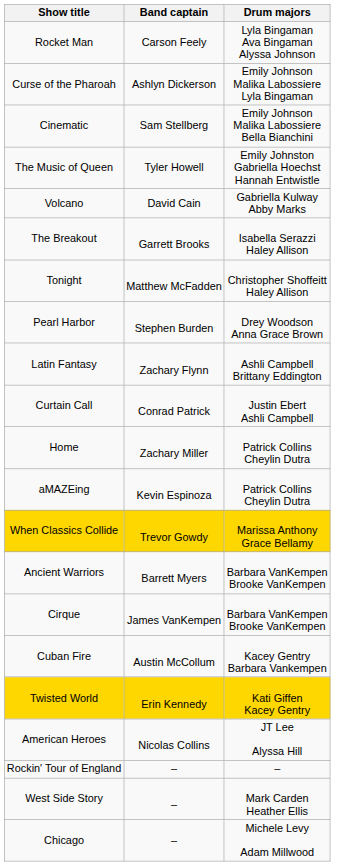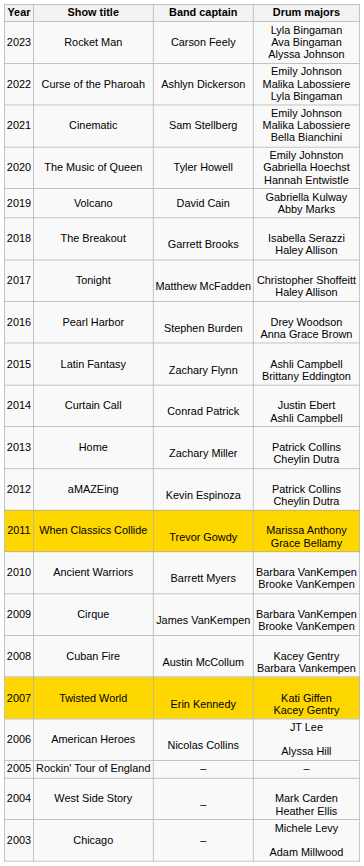 <table class="wikitable" style="text-align: center">
 <tr>
+<th><strong>Year</strong></th>
 <th><strong>Show title</strong></th>
 <th><strong>Band captain</strong></th>
 <th><strong>Drum majors</strong></th>
 </tr>
 <tr>
+<td>2023</td>
 <td>Rocket Man</td>
 <td>Carson Feely</td>
 <td>Lyla Bingaman<br>Ava Bingaman<br>Alyssa Johnson</td>
 </tr>
 <tr>
+<td>2022</td>
 <td>Curse of the Pharoah</td>
 <td>Ashlyn Dickerson</td>
 <td>Emily Johnson<br>Malika Labossiere<br>Lyla Bingaman</td>
 </tr>
 <tr>
+<td>2021</td>
 <td>Cinematic</td>
 <td>Sam Stellberg</td>
 <td>Emily Johnson<br>Malika Labossiere<br>Bella Bianchini</td>
 </tr>
 <tr>
+<td>2020</td>
 <td>The Music of Queen</td>
 <td>Tyler Howell</td>
 <td>Emily Johnston<br>Gabriella Hoechst<br>Hannah Entwistle</td>
 </tr>
 <tr>
+<td>2019</td>
 <td>Volcano</td>
 <td>David Cain</td>
 <td>Gabriella Kulway<br>Abby Marks</td>
 </tr>
 <tr>
+<td>2018</td>
 <td>The Breakout</td>
 <td><br>Garrett Brooks</td>
 <td><br>Isabella Serazzi<br> Haley Allison</td>
 </tr>
 <tr>
+<td>2017</td>
 <td>Tonight</td>
 <td><br>Matthew McFadden</td>
 <td><br>Christopher Shoffeitt<br> Haley Allison</td>
 </tr>
 <tr>
+<td>2016</td>
 <td>Pearl Harbor</td>
 <td><br>Stephen Burden</td>
 <td><br>Drey Woodson<br> Anna Grace Brown</td>
 </tr>
 <tr>
+<td>2015</td>
 <td>Latin Fantasy</td>
 <td><br>Zachary Flynn</td>
 <td><br>Ashli Campbell<br> Brittany Eddington</td>
 </tr>
 <tr>
+<td>2014</td>
 <td>Curtain Call</td>
 <td><br>Conrad Patrick</td>
 <td><br>Justin Ebert<br> Ashli Campbell</td>
 </tr>
 <tr>
+<td>2013</td>
 <td>Home</td>
 <td><br>Zachary Miller</td>
 <td><br>Patrick Collins<br> Cheylin Dutra</td>
 </tr>
 <tr>
+<td>2012</td>
 <td>aMAZEing</td>
 <td><br>Kevin Espinoza</td>
 <td><br>Patrick Collins<br> Cheylin Dutra</td>
 </tr>
 <tr ! style="background: #FFD700;" |>
+<td>2011</td>
 <td>When Classics Collide</td>
 <td><br>Trevor Gowdy</td>
 <td><br>Marissa Anthony<br> Grace Bellamy</td>
 </tr>
 <tr>
+<td>2010</td>
 <td>Ancient Warriors</td>
 <td><br>Barrett Myers</td>
 <td><br>Barbara VanKempen<br> Brooke VanKempen</td>
 </tr>
 <tr>
+<td>2009</td>
 <td>Cirque</td>
 <td><br>James VanKempen</td>
 <td><br>Barbara VanKempen<br> Brooke VanKempen</td>
 </tr>
 <tr>
+<td>2008</td>
 <td>Cuban Fire</td>
 <td><br>Austin McCollum</td>
 <td><br>Kacey Gentry<br> Barbara Vankempen</td>
 </tr>
 <tr ! style="background: #FFD700;" |>
+<td>2007</td>
 <td>Twisted World</td>
 <td><br>Erin Kennedy</td>
 <td><br>Kati Giffen<br> Kacey Gentry</td>
 </tr>
 <tr>
+<td>2006</td>
 <td>American Heroes</td>
 <td><br>Nicolas Collins</td>
 <td>JT Lee <br><br>Alyssa Hill</td>
 </tr>
 <tr>
+<td>2005</td>
 <td>Rockin' Tour of England</td>
 <td>–</td>
 <td>–</td>
 </tr>
 <tr>
+<td>2004</td>
 <td>West Side Story</td>
 <td><br>–</td>
 <td><br>Mark Carden <br> Heather Ellis</td>
 </tr>
 <tr>
+<td>2003</td>
 <td>Chicago</td>
 <td>–</td>
 <td>Michele Levy <br><br>Adam Millwood</td>
 </tr>
 </table>
